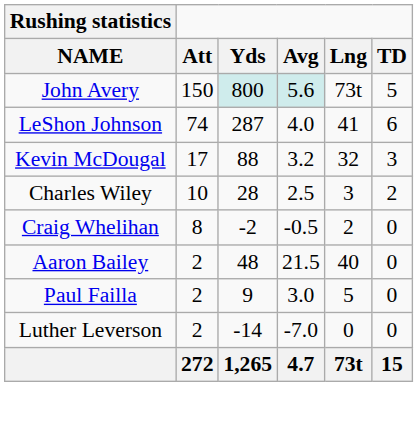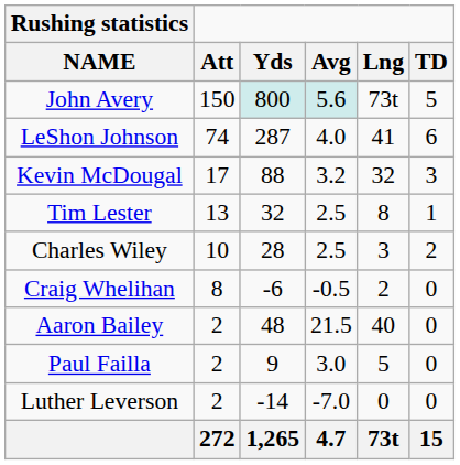 <table class="wikitable sortable" style="text-align:center;">
 <tr>
 <th style="text-align:center;">Rushing statistics</th>
 </tr>
 <tr>
 <th>NAME</th>
 <th>Att</th>
 <th>Yds</th>
 <th>Avg</th>
 <th>Lng</th>
 <th>TD</th>
 </tr>
 <tr>
 <td><a href='#'>John Avery</a></td>
 <td>150</td>
 <td style="background:#cfecec;">800</td>
 <td style="background:#cfecec;">5.6</td>
 <td>73t</td>
 <td>5</td>
 </tr>
 <tr>
 <td><a href='#'>LeShon Johnson</a></td>
 <td>74</td>
 <td>287</td>
 <td>4.0</td>
 <td>41</td>
 <td>6</td>
 </tr>
 <tr>
 <td><a href='#'>Kevin McDougal</a></td>
 <td>17</td>
 <td>88</td>
 <td>3.2</td>
 <td>32</td>
 <td>3</td>
 </tr>
 <tr>
+<td><a href='#'>Tim Lester</a></td>
+<td>13</td>
+<td>32</td>
+<td>2.5</td>
+<td>8</td>
+<td>1</td>
+</tr>
+<tr>
 <td>Charles Wiley</td>
 <td>10</td>
 <td>28</td>
 <td>2.5</td>
 <td>3</td>
 <td>2</td>
 </tr>
 <tr>
 <td><a href='#'>Craig Whelihan</a></td>
 <td>8</td>
-<td>-2</td>
+<td>-6</td>
 <td>-0.5</td>
 <td>2</td>
 <td>0</td>
 </tr>
 <tr>
 <td><a href='#'>Aaron Bailey</a></td>
 <td>2</td>
 <td>48</td>
 <td>21.5</td>
 <td>40</td>
 <td>0</td>
 </tr>
 <tr>
 <td><a href='#'>Paul Failla</a></td>
 <td>2</td>
 <td>9</td>
 <td>3.0</td>
 <td>5</td>
 <td>0</td>
 </tr>
 <tr>
 <td>Luther Leverson</td>
 <td>2</td>
 <td>-14</td>
 <td>-7.0</td>
 <td>0</td>
 <td>0</td>
 </tr>
 <tr>
 <th colspan="1"></th>
 <th>272</th>
 <th>1,265</th>
 <th>4.7</th>
 <th>73t</th>
 <th>15</th>
 </tr>
 </table>
